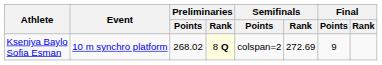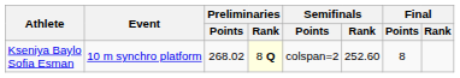 <table class="wikitable" style="text-align:center; font-size:90%">
 <tr>
 <th rowspan=2>Athlete</th>
 <th rowspan=2>Event</th>
 <th colspan=2>Preliminaries</th>
 <th colspan=2>Semifinals</th>
 <th colspan=2>Final</th>
 </tr>
 <tr style="font-size:95%">
 <th>Points</th>
 <th>Rank</th>
 <th>Points</th>
 <th>Rank</th>
 <th>Points</th>
 <th>Rank</th>
 </tr>
 <tr>
 <td align=left><a href='#'>Kseniya Baylo</a><br> <a href='#'>Sofia Esman</a></td>
 <td align=left><a href='#'>10 m synchro platform</a></td>
 <td>268.02</td>
 <td style="background: lightyellow;">8 <strong>Q</strong></td>
 <td>colspan=2 </td>
-<td>272.69</td>
-<td>9</td>
+<td>252.60</td>
+<td>8</td>
 </tr>
 </table>
